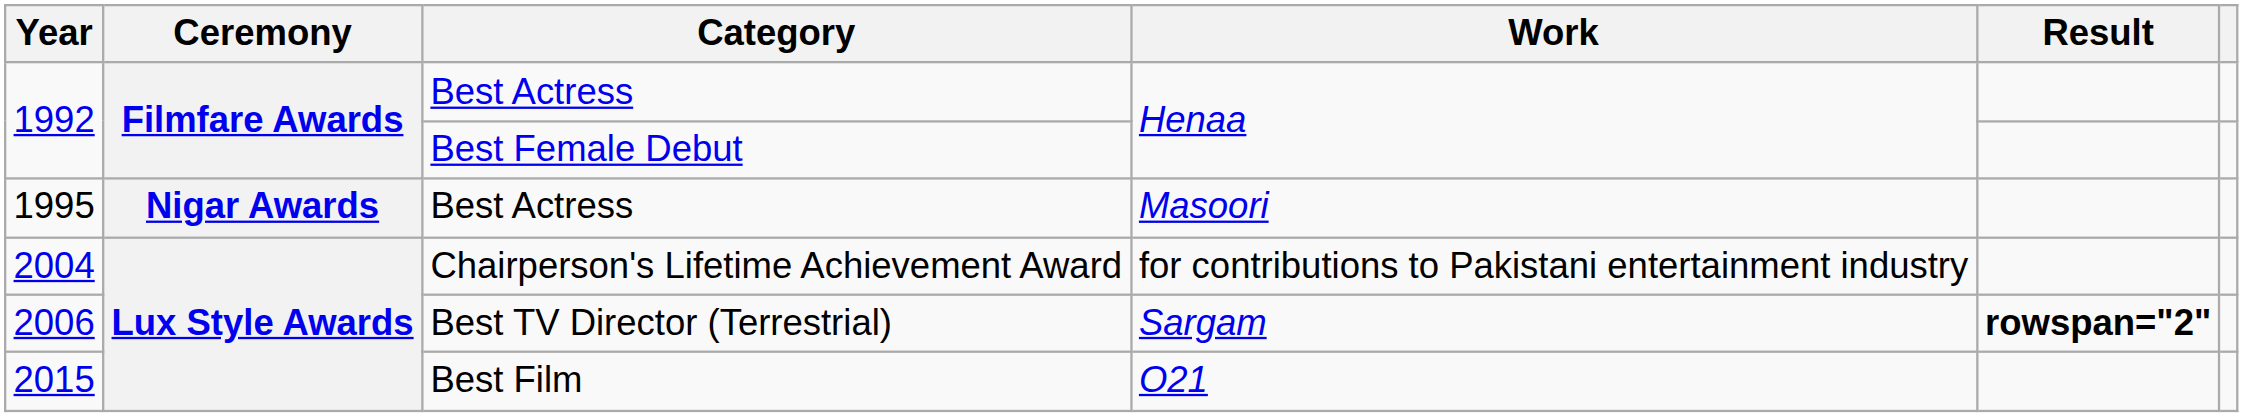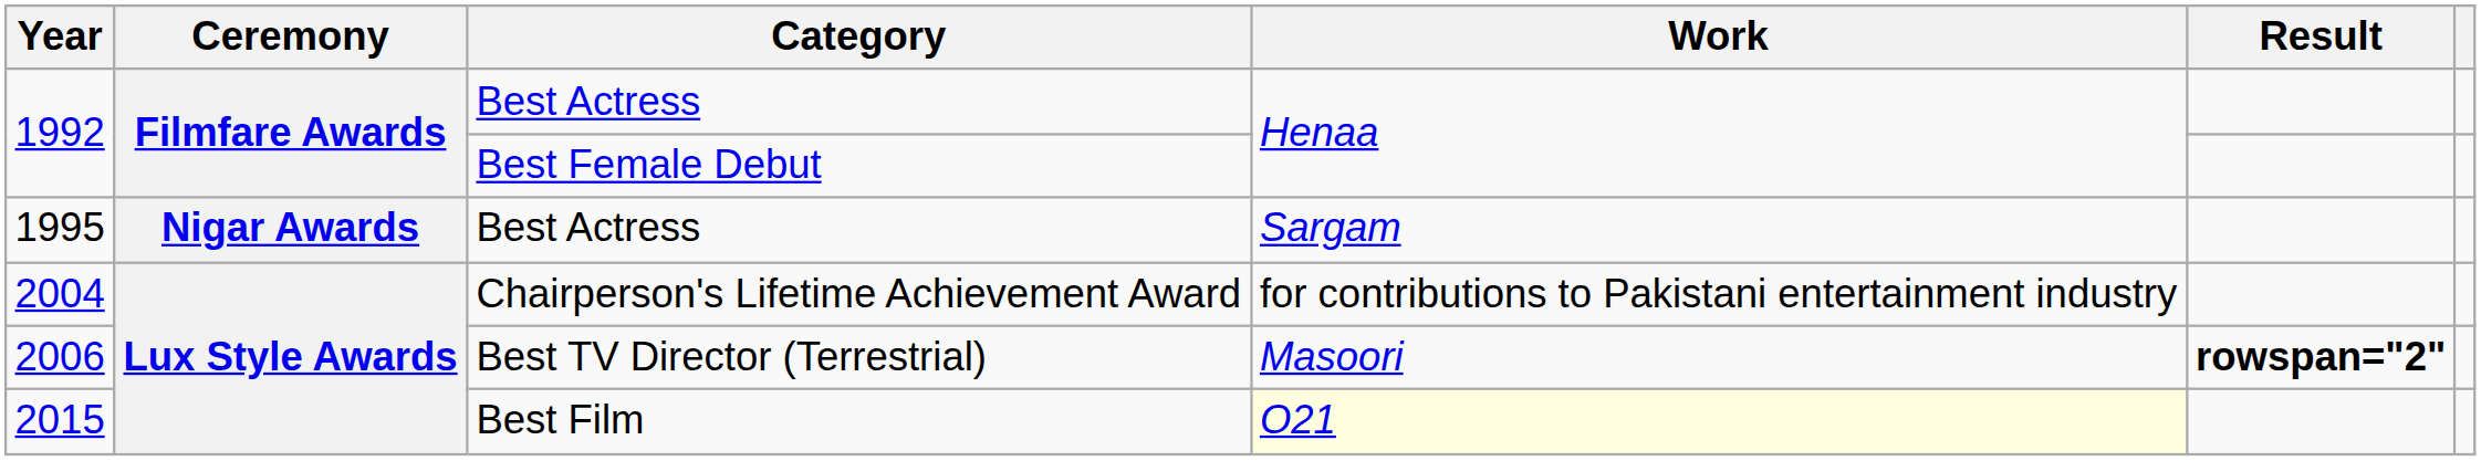 <table class="wikitable plainrowheaders">
 <tr>
 <th>Year</th>
 <th>Ceremony</th>
 <th>Category</th>
 <th>Work</th>
 <th>Result</th>
 <th></th>
 </tr>
 <tr>
 <td rowspan=2><a href='#'>1992</a></td>
 <th rowspan=2 scope=row><a href='#'>Filmfare Awards</a></th>
 <td><a href='#'>Best Actress</a></td>
 <td rowspan=2><em><a href='#'>Henaa</a></em></td>
 <td></td>
 <td></td>
 </tr>
 <tr>
 <td><a href='#'>Best Female Debut</a></td>
 <td></td>
 <td></td>
 </tr>
 <tr>
 <td>1995</td>
 <th scope=row><a href='#'>Nigar Awards</a></th>
 <td>Best Actress</td>
-<td><em><a href='#'>Masoori</a></em></td>
+<td><em><a href='#'>Sargam</a></em></td>
 <td></td>
 <td></td>
 </tr>
 <tr>
 <td><a href='#'>2004</a></td>
 <th rowspan=3 scope=row><a href='#'>Lux Style Awards</a></th>
 <td>Chairperson's Lifetime Achievement Award</td>
 <td>for contributions to Pakistani entertainment industry</td>
 <td></td>
 <td></td>
 </tr>
 <tr>
 <td><a href='#'>2006</a></td>
 <td>Best TV Director (Terrestrial)</td>
-<td><em><a href='#'>Sargam</a></em></td>
+<td><em><a href='#'>Masoori</a></em></td>
 <td><strong>rowspan="2" </strong></td>
 <td></td>
 </tr>
 <tr>
 <td><a href='#'>2015</a></td>
 <td>Best Film</td>
-<td><em><a href='#'>O21</a></em></td>
+<td style="background: lightyellow;"><em><a href='#'>O21</a></em></td>
 <td></td>
 </tr>
 </table>
